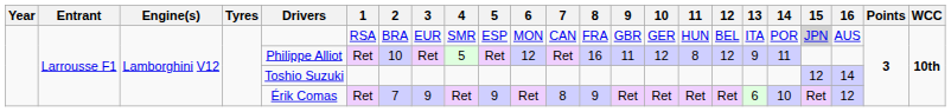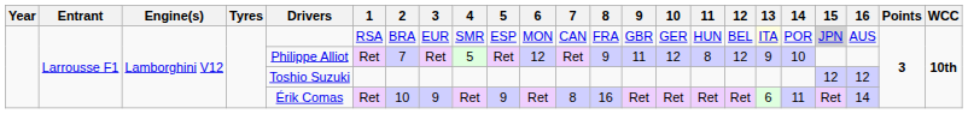 <table class="wikitable" style="text-align:center; font-size:90%">
 <tr>
 <th>Year</th>
 <th>Entrant</th>
 <th>Engine(s)</th>
 <th>Tyres</th>
 <th>Drivers</th>
 <th>1</th>
 <th>2</th>
 <th>3</th>
 <th>4</th>
 <th>5</th>
 <th>6</th>
 <th>7</th>
 <th>8</th>
 <th>9</th>
 <th>10</th>
 <th>11</th>
 <th>12</th>
 <th>13</th>
 <th>14</th>
 <th>15</th>
 <th>16</th>
 <th>Points</th>
 <th>WCC</th>
 </tr>
 <tr>
 <td rowspan="4"></td>
 <td rowspan="4"><a href='#'>Larrousse F1</a></td>
 <td rowspan="4"><a href='#'>Lamborghini</a> <a href='#'>V12</a></td>
 <td rowspan="4"></td>
 <td></td>
 <td><a href='#'>RSA</a></td>
 <td><a href='#'>BRA</a></td>
 <td><a href='#'>EUR</a></td>
 <td><a href='#'>SMR</a></td>
 <td><a href='#'>ESP</a></td>
 <td><a href='#'>MON</a></td>
 <td><a href='#'>CAN</a></td>
 <td><a href='#'>FRA</a></td>
 <td><a href='#'>GBR</a></td>
 <td><a href='#'>GER</a></td>
 <td><a href='#'>HUN</a></td>
 <td><a href='#'>BEL</a></td>
-<td><a href='#'>ITA</a></td>
+<td style="background: lightyellow;"><a href='#'>ITA</a></td>
 <td><a href='#'>POR</a></td>
 <td style="background: lightgrey;"><a href='#'>JPN</a></td>
 <td><a href='#'>AUS</a></td>
 <td rowspan="4"><strong>3</strong></td>
 <td rowspan="4"><strong>10th</strong></td>
 </tr>
 <tr>
 <td><a href='#'>Philippe Alliot</a></td>
 <td style="background:#EFCFFF;">Ret</td>
-<td style="background:#CFCFFF;">10</td>
+<td style="background:#CFCFFF;">7</td>
 <td style="background:#EFCFFF;">Ret</td>
 <td style="background:#DFFFDF;">5</td>
 <td style="background:#EFCFFF;">Ret</td>
 <td style="background:#CFCFFF;">12</td>
 <td style="background:#EFCFFF;">Ret</td>
-<td style="background:#CFCFFF;">16</td>
+<td style="background:#CFCFFF;">9</td>
 <td style="background:#CFCFFF;">11</td>
 <td style="background:#CFCFFF;">12</td>
 <td style="background:#CFCFFF;">8</td>
 <td style="background:#CFCFFF;">12</td>
 <td style="background:#CFCFFF;">9</td>
-<td style="background:#CFCFFF;">11</td>
+<td style="background:#CFCFFF;">10</td>
 <td></td>
 <td></td>
 </tr>
 <tr>
 <td><a href='#'>Toshio Suzuki</a></td>
 <td></td>
 <td></td>
 <td></td>
 <td></td>
 <td></td>
 <td></td>
 <td></td>
 <td></td>
 <td></td>
 <td></td>
 <td></td>
 <td></td>
 <td></td>
 <td></td>
 <td style="background:#CFCFFF;">12</td>
-<td style="background:#CFCFFF;">14</td>
+<td style="background:#CFCFFF;">12</td>
 </tr>
 <tr>
 <td><a href='#'>Érik Comas</a></td>
 <td style="background:#EFCFFF;">Ret</td>
-<td style="background:#CFCFFF;">7</td>
+<td style="background:#CFCFFF;">10</td>
 <td style="background:#CFCFFF;">9</td>
 <td style="background:#EFCFFF;">Ret</td>
 <td style="background:#CFCFFF;">9</td>
 <td style="background:#EFCFFF;">Ret</td>
 <td style="background:#CFCFFF;">8</td>
-<td style="background:#CFCFFF;">9</td>
+<td style="background:#CFCFFF;">16</td>
 <td style="background:#EFCFFF;">Ret</td>
 <td style="background:#EFCFFF;">Ret</td>
 <td style="background:#EFCFFF;">Ret</td>
 <td style="background:#EFCFFF;">Ret</td>
 <td style="background:#DFFFDF;">6</td>
-<td style="background:#CFCFFF;">10</td>
+<td style="background:#CFCFFF;">11</td>
 <td style="background:#EFCFFF;">Ret</td>
-<td style="background:#CFCFFF;">12</td>
+<td style="background:#CFCFFF;">14</td>
 </tr>
 </table>
